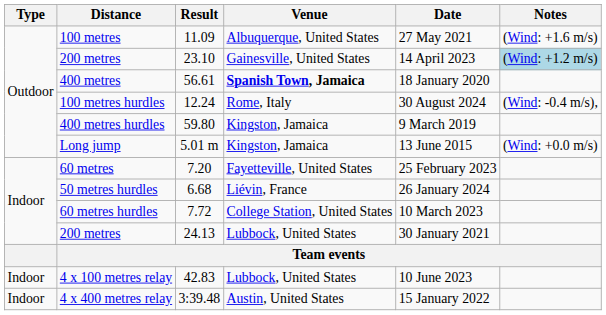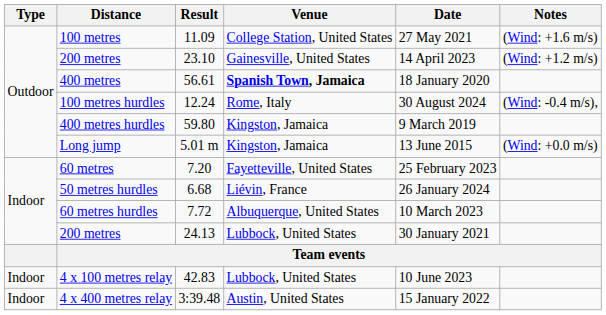 <table class="wikitable sortable" style="text-align:left">
 <tr>
 <th>Type</th>
 <th>Distance</th>
 <th>Result</th>
 <th>Venue</th>
 <th>Date</th>
 <th>Notes</th>
 </tr>
 <tr>
 <td rowspan="6">Outdoor</td>
 <td><a href='#'>100 metres</a></td>
 <td align="center">11.09</td>
-<td><a href='#'>Albuquerque</a>, United States</td>
+<td><a href='#'>College Station</a>, United States</td>
 <td>27 May 2021</td>
 <td>(<a href='#'>Wind</a>: +1.6 m/s)</td>
 </tr>
 <tr>
 <td><a href='#'>200 metres</a></td>
 <td align="center">23.10</td>
 <td><a href='#'>Gainesville</a>, United States</td>
 <td>14 April 2023</td>
-<td style="background: lightblue;">(<a href='#'>Wind</a>: +1.2 m/s)</td>
+<td>(<a href='#'>Wind</a>: +1.2 m/s)</td>
 </tr>
 <tr>
 <td><a href='#'>400 metres</a></td>
 <td align="center">56.61</td>
 <td><strong><a href='#'>Spanish Town</a>, Jamaica</strong></td>
 <td>18 January 2020</td>
 <td align="center"></td>
 </tr>
 <tr>
 <td><a href='#'>100 metres hurdles</a></td>
 <td align="center">12.24</td>
 <td><a href='#'>Rome</a>, Italy</td>
 <td>30 August 2024</td>
 <td align="center">(<a href='#'>Wind</a>: -0.4 m/s), </td>
 </tr>
 <tr>
 <td><a href='#'>400 metres hurdles</a></td>
 <td align="center">59.80</td>
 <td><a href='#'>Kingston</a>, Jamaica</td>
 <td>9 March 2019</td>
 <td></td>
 </tr>
 <tr>
 <td><a href='#'>Long jump</a></td>
 <td align="center">5.01 m</td>
 <td><a href='#'>Kingston</a>, Jamaica</td>
 <td>13 June 2015</td>
 <td>(<a href='#'>Wind</a>: +0.0 m/s)</td>
 </tr>
 <tr>
 <td rowspan="4">Indoor</td>
 <td><a href='#'>60 metres</a></td>
 <td align="center">7.20</td>
 <td><a href='#'>Fayetteville</a>, United States</td>
 <td>25 February 2023</td>
 <td></td>
 </tr>
 <tr>
 <td><a href='#'>50 metres hurdles</a></td>
 <td align="center">6.68</td>
 <td><a href='#'>Liévin</a>, France</td>
 <td>26 January 2024</td>
 <td></td>
 </tr>
 <tr>
 <td><a href='#'>60 metres hurdles</a></td>
 <td align="center">7.72</td>
-<td><a href='#'>College Station</a>, United States</td>
+<td><a href='#'>Albuquerque</a>, United States</td>
 <td>10 March 2023</td>
 <td align="center"></td>
 </tr>
 <tr>
 <td><a href='#'>200 metres</a> </td>
 <td align="center">24.13</td>
 <td><a href='#'>Lubbock</a>, United States</td>
 <td>30 January 2021</td>
 <td></td>
 </tr>
 <tr>
 <th></th>
 <th colspan="5">Team events</th>
 </tr>
 <tr>
 <td>Indoor</td>
 <td><a href='#'>4 x 100 metres relay</a></td>
 <td align="center">42.83</td>
 <td><a href='#'>Lubbock</a>, United States</td>
 <td>10 June 2023</td>
 <td></td>
 </tr>
 <tr>
 <td>Indoor</td>
 <td><a href='#'>4 x 400 metres relay</a> </td>
 <td align="center">3:39.48</td>
 <td><a href='#'>Austin</a>, United States</td>
 <td>15 January 2022</td>
 <td></td>
 </tr>
 </table>
